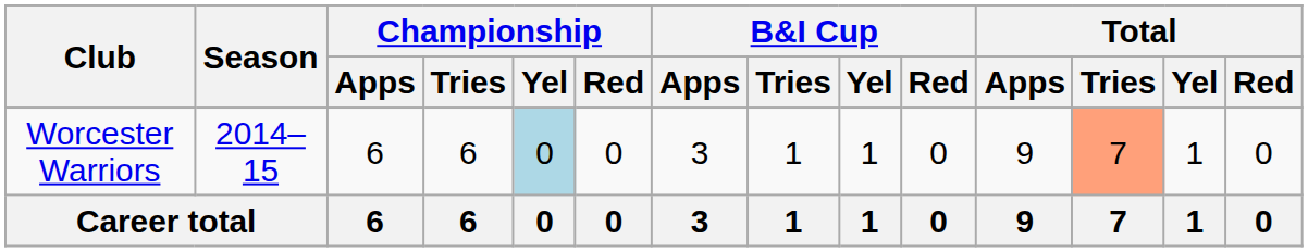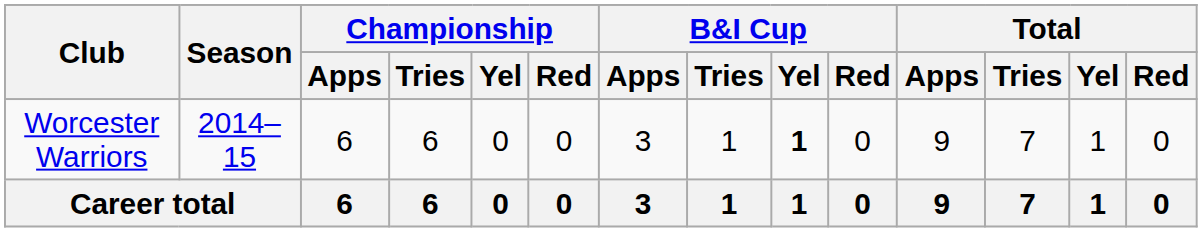 <table class="wikitable" style="font-size:95%; text-align:center">
 <tr>
 <th rowspan="2">Club</th>
 <th rowspan="2">Season</th>
 <th colspan="4"><a href='#'>Championship</a></th>
 <th colspan="4"><a href='#'>B&I Cup</a></th>
 <th colspan="4">Total</th>
 </tr>
 <tr>
 <th>Apps</th>
 <th>Tries</th>
 <th>Yel</th>
 <th>Red</th>
 <th>Apps</th>
 <th>Tries</th>
 <th>Yel</th>
 <th>Red</th>
 <th>Apps</th>
 <th>Tries</th>
 <th>Yel</th>
 <th>Red</th>
 </tr>
 <tr>
 <td rowspan="1"> <a href='#'>Worcester Warriors</a></td>
 <td><a href='#'>2014–15</a></td>
 <td>6</td>
 <td>6</td>
-<td style="background: lightblue;">0</td>
+<td>0</td>
 <td>0</td>
 <td>3</td>
 <td>1</td>
-<td>1</td>
+<td><strong>1</strong></td>
 <td>0</td>
 <td>9</td>
-<td style="background: lightsalmon;">7</td>
+<td>7</td>
 <td>1</td>
 <td>0</td>
 </tr>
 <tr>
 <th colspan="2">Career total</th>
 <th>6</th>
 <th>6</th>
 <th>0</th>
 <th>0</th>
 <th>3</th>
 <th>1</th>
 <th>1</th>
 <th>0</th>
 <th>9</th>
 <th>7</th>
 <th>1</th>
 <th>0</th>
 </tr>
 </table>
